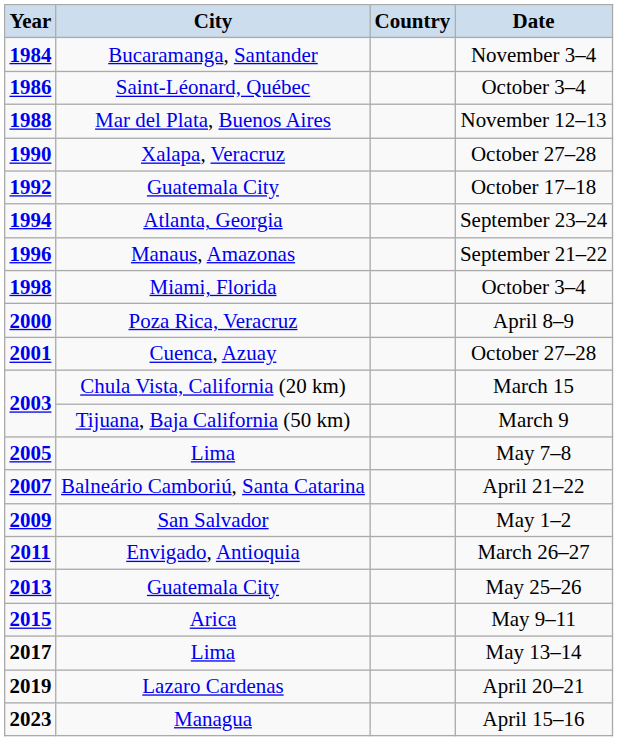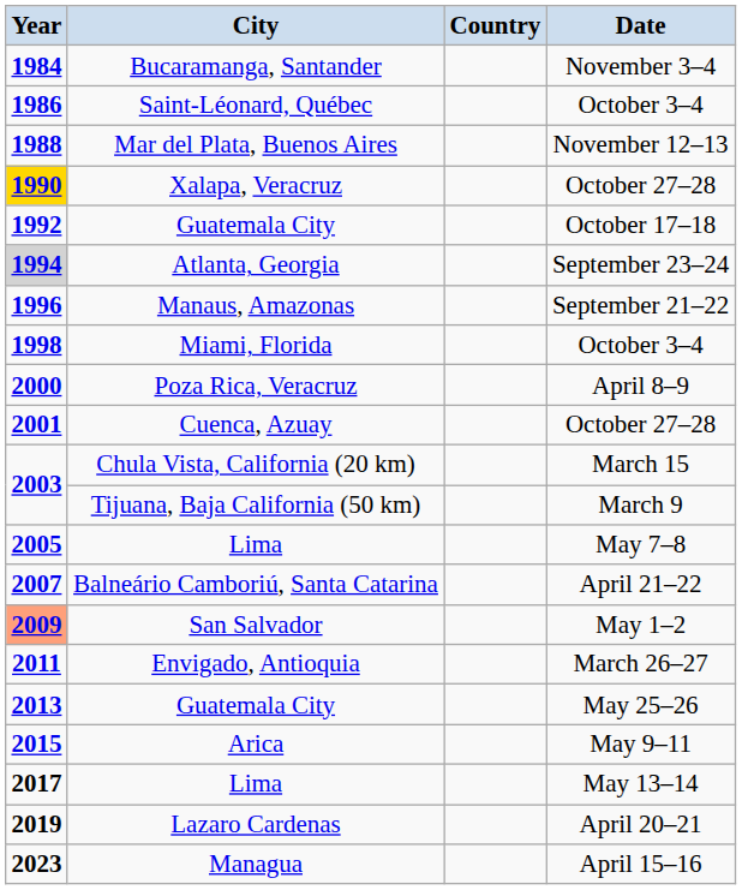 <table class="wikitable" style="text-align:center">
 <tr>
 <th style="background-color: #CCDDEE;">Year</th>
 <th style="background-color: #CCDDEE;">City</th>
 <th style="background-color: #CCDDEE;">Country</th>
 <th style="background-color: #CCDDEE;">Date</th>
 </tr>
 <tr>
 <td><strong><a href='#'>1984</a></strong></td>
 <td><a href='#'>Bucaramanga</a>, <a href='#'>Santander</a></td>
 <td></td>
 <td>November 3–4</td>
 </tr>
 <tr>
 <td><strong><a href='#'>1986</a></strong></td>
 <td><a href='#'>Saint-Léonard, Québec</a></td>
 <td></td>
 <td>October 3–4</td>
 </tr>
 <tr>
 <td><strong><a href='#'>1988</a></strong></td>
 <td><a href='#'>Mar del Plata</a>, <a href='#'>Buenos Aires</a></td>
 <td></td>
 <td>November 12–13</td>
 </tr>
 <tr>
-<td><strong><a href='#'>1990</a></strong></td>
+<td style="background: gold;"><strong><a href='#'>1990</a></strong></td>
 <td><a href='#'>Xalapa</a>, <a href='#'>Veracruz</a></td>
 <td></td>
 <td>October 27–28</td>
 </tr>
 <tr>
 <td><strong><a href='#'>1992</a></strong></td>
 <td><a href='#'>Guatemala City</a></td>
 <td></td>
 <td>October 17–18</td>
 </tr>
 <tr>
-<td><strong><a href='#'>1994</a></strong></td>
+<td style="background: lightgrey;"><strong><a href='#'>1994</a></strong></td>
 <td><a href='#'>Atlanta, Georgia</a></td>
 <td></td>
 <td>September 23–24</td>
 </tr>
 <tr>
 <td><strong><a href='#'>1996</a></strong></td>
 <td><a href='#'>Manaus</a>, <a href='#'>Amazonas</a></td>
 <td></td>
 <td>September 21–22</td>
 </tr>
 <tr>
 <td><strong><a href='#'>1998</a></strong></td>
 <td><a href='#'>Miami, Florida</a></td>
 <td></td>
 <td>October 3–4</td>
 </tr>
 <tr>
 <td><strong><a href='#'>2000</a></strong></td>
 <td><a href='#'>Poza Rica, Veracruz</a></td>
 <td></td>
 <td>April 8–9</td>
 </tr>
 <tr>
 <td><strong><a href='#'>2001</a></strong></td>
 <td><a href='#'>Cuenca</a>, <a href='#'>Azuay</a></td>
 <td></td>
 <td>October 27–28</td>
 </tr>
 <tr>
 <td rowspan=2><strong><a href='#'>2003</a></strong></td>
 <td><a href='#'>Chula Vista, California</a> (20 km)</td>
 <td></td>
 <td>March 15</td>
 </tr>
 <tr>
 <td><a href='#'>Tijuana</a>, <a href='#'>Baja California</a> (50 km)</td>
 <td></td>
 <td>March 9</td>
 </tr>
 <tr>
 <td><strong><a href='#'>2005</a></strong></td>
 <td><a href='#'>Lima</a></td>
 <td></td>
 <td>May 7–8</td>
 </tr>
 <tr>
 <td><strong><a href='#'>2007</a></strong></td>
 <td><a href='#'>Balneário Camboriú</a>, <a href='#'>Santa Catarina</a></td>
 <td></td>
 <td>April 21–22</td>
 </tr>
 <tr>
-<td><strong><a href='#'>2009</a></strong></td>
+<td style="background: lightsalmon;"><strong><a href='#'>2009</a></strong></td>
 <td><a href='#'>San Salvador</a></td>
 <td></td>
 <td>May 1–2</td>
 </tr>
 <tr>
 <td><strong><a href='#'>2011</a></strong></td>
 <td><a href='#'>Envigado</a>, <a href='#'>Antioquia</a></td>
 <td></td>
 <td>March 26–27</td>
 </tr>
 <tr>
 <td><strong><a href='#'>2013</a></strong></td>
 <td><a href='#'>Guatemala City</a></td>
 <td></td>
 <td>May 25–26</td>
 </tr>
 <tr>
 <td><strong><a href='#'>2015</a></strong></td>
 <td><a href='#'>Arica</a></td>
 <td></td>
 <td>May 9–11</td>
 </tr>
 <tr>
 <td><strong>2017</strong></td>
 <td><a href='#'>Lima</a></td>
 <td></td>
 <td>May 13–14</td>
 </tr>
 <tr>
 <td><strong>2019</strong></td>
 <td><a href='#'>Lazaro Cardenas</a></td>
 <td></td>
 <td>April 20–21</td>
 </tr>
 <tr>
 <td><strong>2023</strong></td>
 <td><a href='#'>Managua</a></td>
 <td></td>
 <td>April 15–16</td>
 </tr>
 </table>
